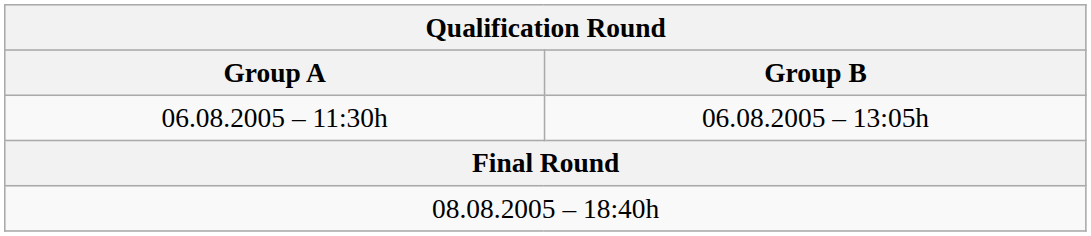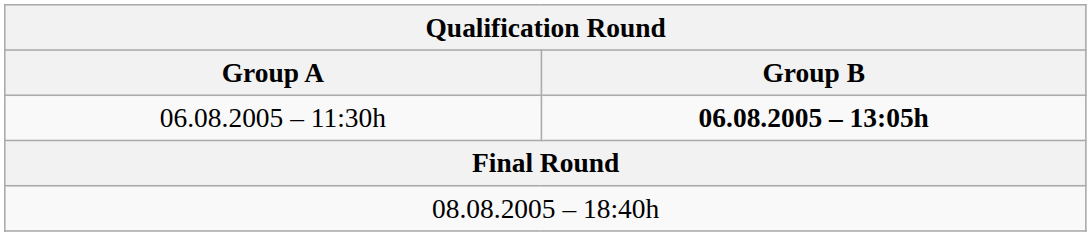 <table class="wikitable" style=" text-align:center; font-size:110%;" width="35%">
 <tr>
 <th colspan="2">Qualification Round</th>
 </tr>
 <tr>
 <th>Group A</th>
 <th>Group B</th>
 </tr>
 <tr>
 <td>06.08.2005 – 11:30h</td>
-<td>06.08.2005 – 13:05h</td>
+<td><strong>06.08.2005 – 13:05h</strong></td>
 </tr>
 <tr>
 <th colspan="2">Final Round</th>
 </tr>
 <tr>
 <td colspan="2">08.08.2005 – 18:40h</td>
 </tr>
 </table>
